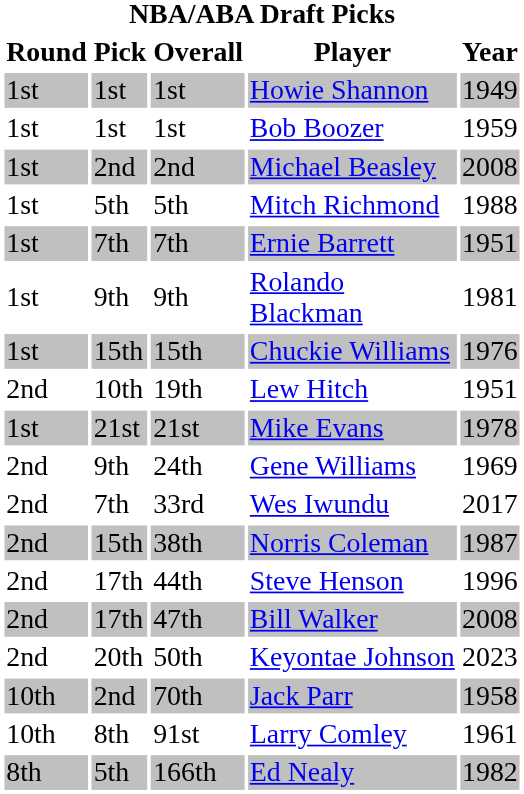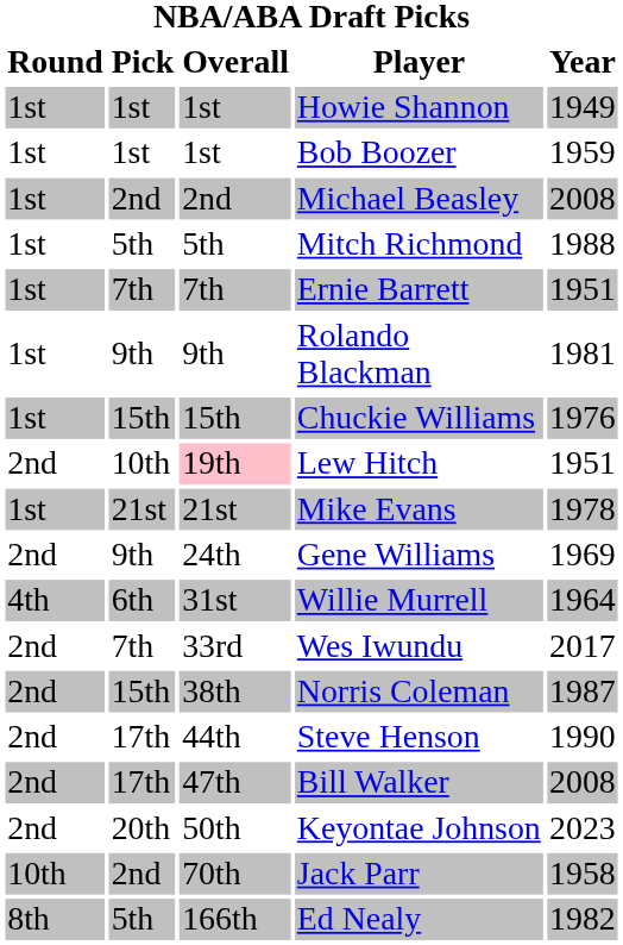 <table class="toccolours" style="float: left" width="300px">
 <tr>
 <th colspan="5" style="text-align: center; "><strong>NBA/ABA Draft Picks</strong></th>
 </tr>
 <tr>
 <th>Round</th>
 <th>Pick</th>
 <th>Overall</th>
 <th>Player</th>
 <th>Year</th>
 </tr>
 <tr bgcolor=silver>
 <td>1st</td>
 <td>1st</td>
 <td>1st</td>
 <td><a href='#'>Howie Shannon</a></td>
 <td>1949</td>
 </tr>
 <tr>
 <td>1st</td>
 <td>1st</td>
 <td>1st</td>
 <td><a href='#'>Bob Boozer</a></td>
 <td>1959</td>
 </tr>
 <tr bgcolor=silver>
 <td>1st</td>
 <td>2nd</td>
 <td>2nd</td>
 <td><a href='#'>Michael Beasley</a></td>
 <td>2008</td>
 </tr>
 <tr>
 <td>1st</td>
 <td>5th</td>
 <td>5th</td>
 <td><a href='#'>Mitch Richmond</a></td>
 <td>1988</td>
 </tr>
 <tr bgcolor=silver>
 <td>1st</td>
 <td>7th</td>
 <td>7th</td>
 <td><a href='#'>Ernie Barrett</a></td>
 <td>1951</td>
 </tr>
 <tr>
 <td>1st</td>
 <td>9th</td>
 <td>9th</td>
 <td><a href='#'>Rolando Blackman</a></td>
 <td>1981</td>
 </tr>
 <tr bgcolor=silver>
 <td>1st</td>
 <td>15th</td>
 <td>15th</td>
 <td><a href='#'>Chuckie Williams</a></td>
 <td>1976</td>
 </tr>
 <tr>
 <td>2nd</td>
 <td>10th</td>
-<td>19th</td>
+<td style="background: pink;">19th</td>
 <td><a href='#'>Lew Hitch</a></td>
 <td>1951</td>
 </tr>
 <tr bgcolor=silver>
 <td>1st</td>
 <td>21st</td>
 <td>21st</td>
 <td><a href='#'>Mike Evans</a></td>
 <td>1978</td>
 </tr>
 <tr>
 <td>2nd</td>
 <td>9th</td>
 <td>24th</td>
 <td><a href='#'>Gene Williams</a></td>
 <td>1969</td>
+</tr>
+<tr bgcolor=silver>
+<td>4th</td>
+<td>6th</td>
+<td>31st</td>
+<td><a href='#'>Willie Murrell</a></td>
+<td>1964</td>
 </tr>
 <tr>
 <td>2nd</td>
 <td>7th</td>
 <td>33rd</td>
 <td><a href='#'>Wes Iwundu</a></td>
 <td>2017</td>
 </tr>
 <tr bgcolor=silver>
 <td>2nd</td>
 <td>15th</td>
 <td>38th</td>
 <td><a href='#'>Norris Coleman</a></td>
 <td>1987</td>
 </tr>
 <tr>
 <td>2nd</td>
 <td>17th</td>
 <td>44th</td>
 <td><a href='#'>Steve Henson</a></td>
-<td>1996</td>
+<td>1990</td>
 </tr>
 <tr bgcolor=silver>
 <td>2nd</td>
 <td>17th</td>
 <td>47th</td>
 <td><a href='#'>Bill Walker</a></td>
 <td>2008</td>
 </tr>
 <tr>
 <td>2nd</td>
 <td>20th</td>
 <td>50th</td>
 <td><a href='#'>Keyontae Johnson</a></td>
 <td>2023</td>
 </tr>
 <tr bgcolor=silver>
 <td>10th</td>
 <td>2nd</td>
 <td>70th</td>
 <td><a href='#'>Jack Parr</a></td>
 <td>1958</td>
 </tr>
-<tr>
-<td>10th</td>
-<td>8th</td>
-<td>91st</td>
-<td><a href='#'>Larry Comley</a></td>
-<td>1961</td>
-</tr>
 <tr bgcolor=silver>
 <td>8th</td>
 <td>5th</td>
 <td>166th</td>
 <td><a href='#'>Ed Nealy</a></td>
 <td>1982</td>
 </tr>
 </table>
